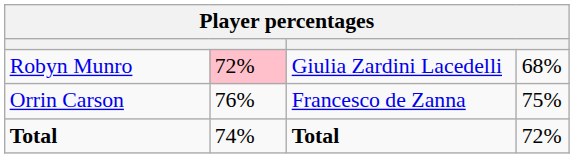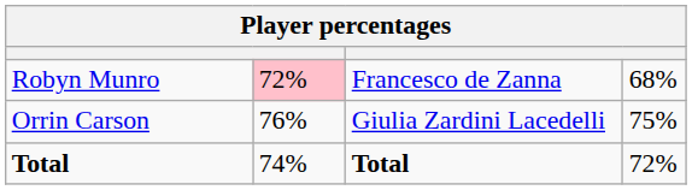 <table class="wikitable">
 <tr>
 <th colspan=4 width=400>Player percentages</th>
 </tr>
 <tr>
 <th colspan=2 width=200 style="white-space:nowrap;"></th>
 <th colspan=2 width=200 style="white-space:nowrap;"></th>
 </tr>
 <tr>
 <td><a href='#'>Robyn Munro</a></td>
 <td style="background: pink;">72%</td>
-<td><a href='#'>Giulia Zardini Lacedelli</a></td>
+<td><a href='#'>Francesco de Zanna</a></td>
 <td>68%</td>
 </tr>
 <tr>
 <td><a href='#'>Orrin Carson</a></td>
 <td>76%</td>
-<td><a href='#'>Francesco de Zanna</a></td>
+<td><a href='#'>Giulia Zardini Lacedelli</a></td>
 <td>75%</td>
 </tr>
 <tr>
 <td><strong>Total</strong></td>
 <td>74%</td>
 <td><strong>Total</strong></td>
 <td>72%</td>
 </tr>
 </table>
